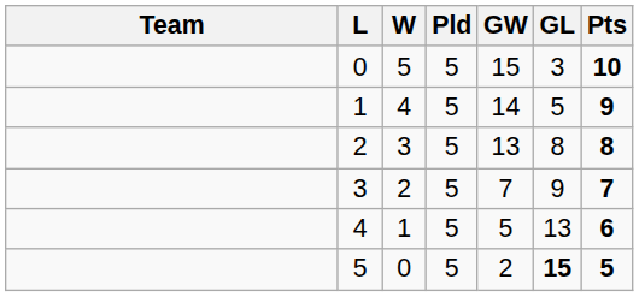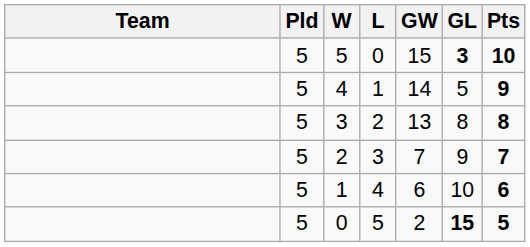 <table class="wikitable" style="text-align:center">
 <tr>
 <th width=200>Team</th>
+<th width=20>Pld</th>
+<th width=20>W</th>
 <th width=20>L</th>
-<th width=20>W</th>
-<th width=20>Pld</th>
 <th width=20>GW</th>
 <th width=20>GL</th>
 <th width=20>Pts</th>
 </tr>
 <tr>
 <td style="text-align:left;"></td>
-<td>0</td>
 <td>5</td>
 <td>5</td>
+<td>0</td>
 <td>15</td>
-<td>3</td>
+<td><strong>3</strong></td>
 <td><strong>10</strong></td>
 </tr>
 <tr>
 <td style="text-align:left;"></td>
+<td>5</td>
+<td>4</td>
 <td>1</td>
-<td>4</td>
-<td>5</td>
 <td>14</td>
 <td>5</td>
 <td><strong>9</strong></td>
 </tr>
 <tr>
 <td style="text-align:left;"></td>
+<td>5</td>
+<td>3</td>
 <td>2</td>
-<td>3</td>
-<td>5</td>
 <td>13</td>
 <td>8</td>
 <td><strong>8</strong></td>
 </tr>
 <tr>
 <td style="text-align:left;"></td>
+<td>5</td>
+<td>2</td>
 <td>3</td>
-<td>2</td>
-<td>5</td>
 <td>7</td>
 <td>9</td>
 <td><strong>7</strong></td>
 </tr>
 <tr>
 <td style="text-align:left;"></td>
+<td>5</td>
+<td>1</td>
 <td>4</td>
-<td>1</td>
-<td>5</td>
-<td>5</td>
-<td>13</td>
+<td>6</td>
+<td>10</td>
 <td><strong>6</strong></td>
 </tr>
 <tr>
 <td style="text-align:left;"></td>
 <td>5</td>
 <td>0</td>
 <td>5</td>
 <td>2</td>
 <td><strong>15</strong></td>
 <td><strong>5</strong></td>
 </tr>
 </table>
